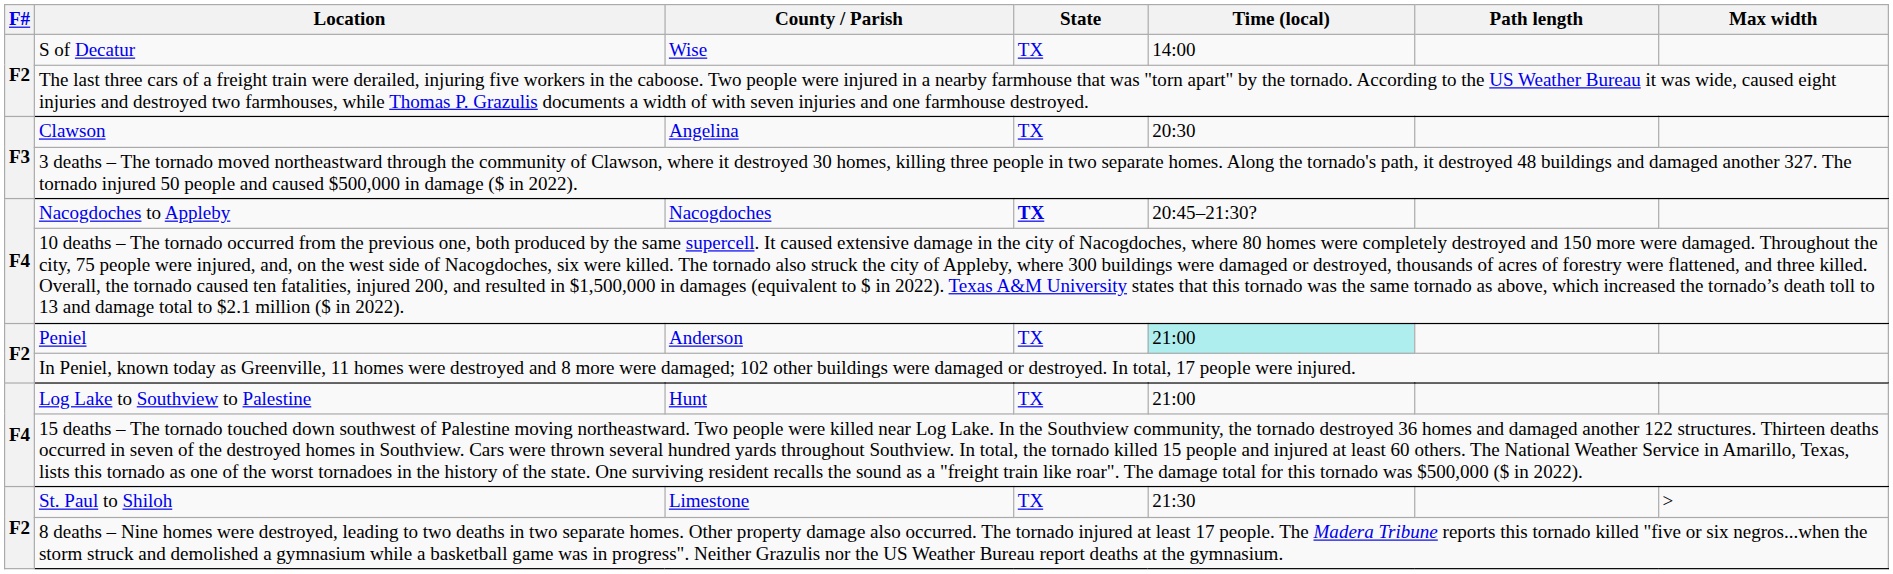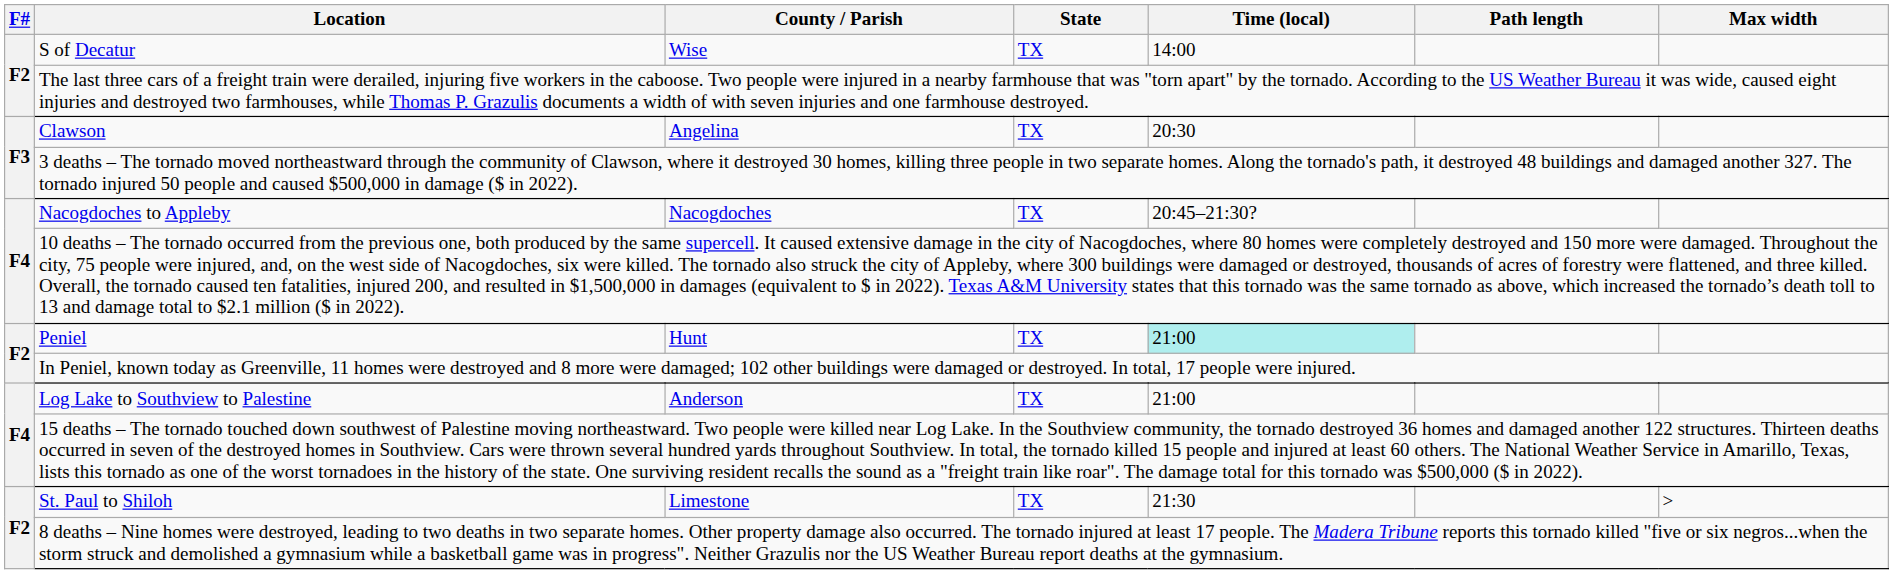 <table class="wikitable sortable" style="width:100%;">
 <tr>
 <th scope="col" align="center"><a href='#'>F#</a></th>
 <th scope="col" align="center" class="unsortable">Location</th>
 <th scope="col" align="center" class="unsortable">County / Parish</th>
 <th scope="col" align="center">State</th>
 <th scope="col" align="center">Time (local)</th>
 <th scope="col" align="center">Path length</th>
 <th scope="col" align="center">Max width</th>
 </tr>
 <tr>
 <th scope="row" rowspan="2" style="background-color:#">F2</th>
 <td>S of <a href='#'>Decatur</a></td>
 <td><a href='#'>Wise</a></td>
 <td><a href='#'>TX</a></td>
 <td>14:00</td>
 <td></td>
 <td></td>
 </tr>
 <tr class="expand-child">
 <td colspan="8" style=" border-bottom: 1px solid black;">The last three cars of a freight train were derailed, injuring five workers in the caboose. Two people were injured in a nearby farmhouse that was "torn apart" by the tornado. According to the <a href='#'>US Weather Bureau</a> it was  wide, caused eight injuries and destroyed two farmhouses, while <a href='#'>Thomas P. Grazulis</a> documents a width of  with seven injuries and one farmhouse destroyed.</td>
 </tr>
 <tr>
 <th scope="row" rowspan="2" style="background-color:#">F3</th>
 <td><a href='#'>Clawson</a></td>
 <td><a href='#'>Angelina</a></td>
 <td><a href='#'>TX</a></td>
 <td>20:30</td>
 <td></td>
 <td></td>
 </tr>
 <tr class="expand-child">
 <td colspan="8" style=" border-bottom: 1px solid black;">3 deaths – The tornado moved northeastward through the community of Clawson, where it destroyed 30 homes, killing three people in two separate homes. Along the tornado's path, it destroyed 48 buildings and damaged another 327. The tornado injured 50 people and caused $500,000 in damage ($ in 2022).</td>
 </tr>
 <tr>
 <th scope="row" rowspan="2" style="background-color:#">F4</th>
 <td><a href='#'>Nacogdoches</a> to <a href='#'>Appleby</a></td>
 <td><a href='#'>Nacogdoches</a></td>
-<td><strong><a href='#'>TX</a></strong></td>
+<td><a href='#'>TX</a></td>
 <td>20:45–21:30?</td>
 <td></td>
 <td></td>
 </tr>
 <tr class="expand-child">
 <td colspan="8" style=" border-bottom: 1px solid black;">10 deaths – The tornado occurred  from the previous one, both produced by the same <a href='#'>supercell</a>. It caused extensive damage in the city of Nacogdoches, where 80 homes were completely destroyed and 150 more were damaged. Throughout the city, 75 people were injured, and, on the west side of Nacogdoches, six were killed. The tornado also struck the city of Appleby, where 300 buildings were damaged or destroyed, thousands of acres of forestry were flattened, and three killed. Overall, the tornado caused ten fatalities, injured 200, and resulted in $1,500,000 in damages (equivalent to $ in 2022). <a href='#'>Texas A&M University</a> states that this tornado was the same tornado as above, which increased the tornado’s death toll to 13 and damage total to $2.1 million ($ in 2022).</td>
 </tr>
 <tr>
 <th scope="row" rowspan="2" style="background-color:#">F2</th>
 <td><a href='#'>Peniel</a></td>
-<td><a href='#'>Anderson</a></td>
+<td><a href='#'>Hunt</a></td>
 <td><a href='#'>TX</a></td>
 <td style="background: paleturquoise;">21:00</td>
 <td></td>
 <td></td>
 </tr>
 <tr class="expand-child">
 <td colspan="8" style=" border-bottom: 1px solid black;">In Peniel, known today as Greenville, 11 homes were destroyed and 8 more were damaged; 102 other buildings were damaged or destroyed. In total, 17 people were injured.</td>
 </tr>
 <tr>
 <th scope="row" rowspan="2" style="background-color:#">F4</th>
 <td><a href='#'>Log Lake</a> to <a href='#'>Southview</a> to <a href='#'>Palestine</a></td>
-<td><a href='#'>Hunt</a></td>
+<td><a href='#'>Anderson</a></td>
 <td><a href='#'>TX</a></td>
 <td>21:00</td>
 <td></td>
 <td></td>
 </tr>
 <tr class="expand-child">
 <td colspan="8" style=" border-bottom: 1px solid black;">15 deaths – The tornado touched down  southwest of Palestine moving northeastward. Two people were killed near Log Lake. In the Southview community, the tornado destroyed 36 homes and damaged another 122 structures. Thirteen deaths occurred in seven of the destroyed homes in Southview. Cars were thrown several hundred yards throughout Southview. In total, the tornado killed 15 people and injured at least 60 others. The National Weather Service in Amarillo, Texas, lists this tornado as one of the worst tornadoes in the history of the state. One surviving resident recalls the sound as a "freight train like roar". The damage total for this tornado was $500,000 ($ in 2022).</td>
 </tr>
 <tr>
 <th scope="row" rowspan="2" style="background-color:#">F2</th>
 <td><a href='#'>St. Paul</a> to <a href='#'>Shiloh</a></td>
 <td><a href='#'>Limestone</a></td>
 <td><a href='#'>TX</a></td>
 <td>21:30</td>
 <td></td>
 <td>></td>
 </tr>
 <tr class="expand-child">
 <td colspan="8" style=" border-bottom: 1px solid black;">8 deaths – Nine homes were destroyed, leading to two deaths in two separate homes. Other property damage also occurred. The tornado injured at least 17 people. The <em><a href='#'>Madera Tribune</a></em> reports this tornado killed "five or six negros...when the storm struck and demolished a gymnasium while a basketball game was in progress". Neither Grazulis nor the US Weather Bureau report deaths at the gymnasium.</td>
 </tr>
 </table>
